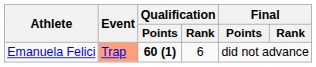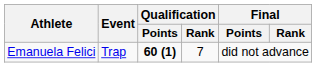 <table class="wikitable" style="font-size:90%">
 <tr>
 <th rowspan="2">Athlete</th>
 <th rowspan="2">Event</th>
 <th colspan=2>Qualification</th>
 <th colspan=2>Final</th>
 </tr>
 <tr style="font-size:95%">
 <th>Points</th>
 <th>Rank</th>
 <th>Points</th>
 <th>Rank</th>
 </tr>
 <tr align=center>
 <td align=left><a href='#'>Emanuela Felici</a></td>
-<td align=left style="background: lightsalmon;"><a href='#'>Trap</a></td>
+<td align=left><a href='#'>Trap</a></td>
 <td><strong>60 (1)</strong></td>
-<td>6</td>
+<td>7</td>
 <td colspan=2>did not advance</td>
 </tr>
 </table>
